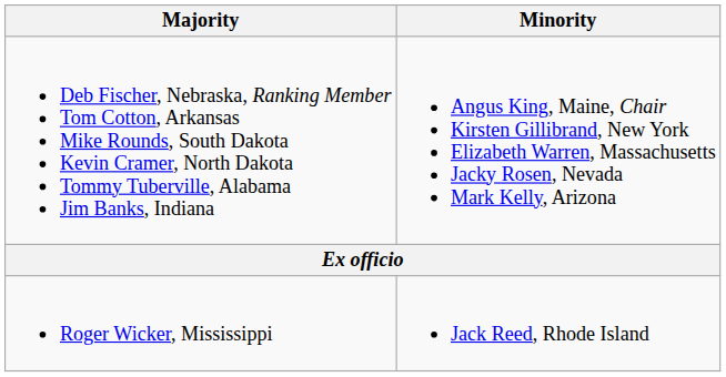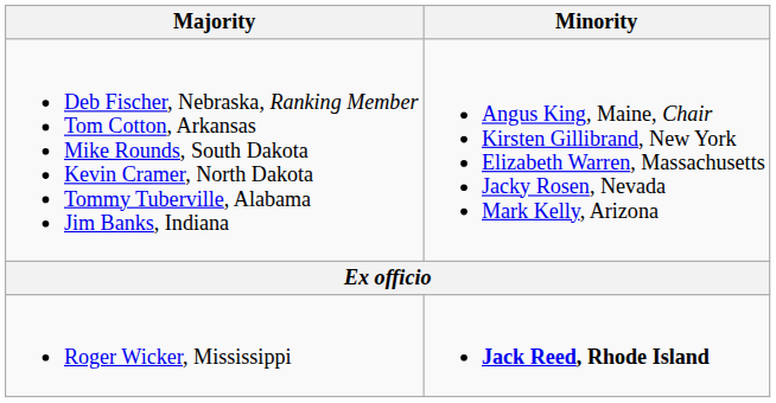 <table class=wikitable>
 <tr>
 <th>Majority</th>
 <th>Minority</th>
 </tr>
 <tr>
 <td><br><ul><li><a href='#'>Deb Fischer</a>, Nebraska, <em>Ranking Member</em></li><li><a href='#'>Tom Cotton</a>, Arkansas</li><li><a href='#'>Mike Rounds</a>, South Dakota</li><li><a href='#'>Kevin Cramer</a>, North Dakota</li><li><a href='#'>Tommy Tuberville</a>, Alabama</li><li><a href='#'>Jim Banks</a>, Indiana</li></ul></td>
 <td><br><ul><li><span><a href='#'>Angus King</a>, Maine, <em>Chair</em></span></li><li><a href='#'>Kirsten Gillibrand</a>, New York</li><li><a href='#'>Elizabeth Warren</a>, Massachusetts</li><li><a href='#'>Jacky Rosen</a>, Nevada</li><li><a href='#'>Mark Kelly</a>, Arizona</li></ul></td>
 </tr>
 <tr>
 <th colspan=2><em>Ex officio</em></th>
 </tr>
 <tr>
 <td><br><ul><li><a href='#'>Roger Wicker</a>, Mississippi</li></ul></td>
-<td><br><ul><li><a href='#'>Jack Reed</a>, Rhode Island</li></ul></td>
+<td><strong><br><ul><li><a href='#'>Jack Reed</a>, Rhode Island</li></ul></strong></td>
 </tr>
 </table>
